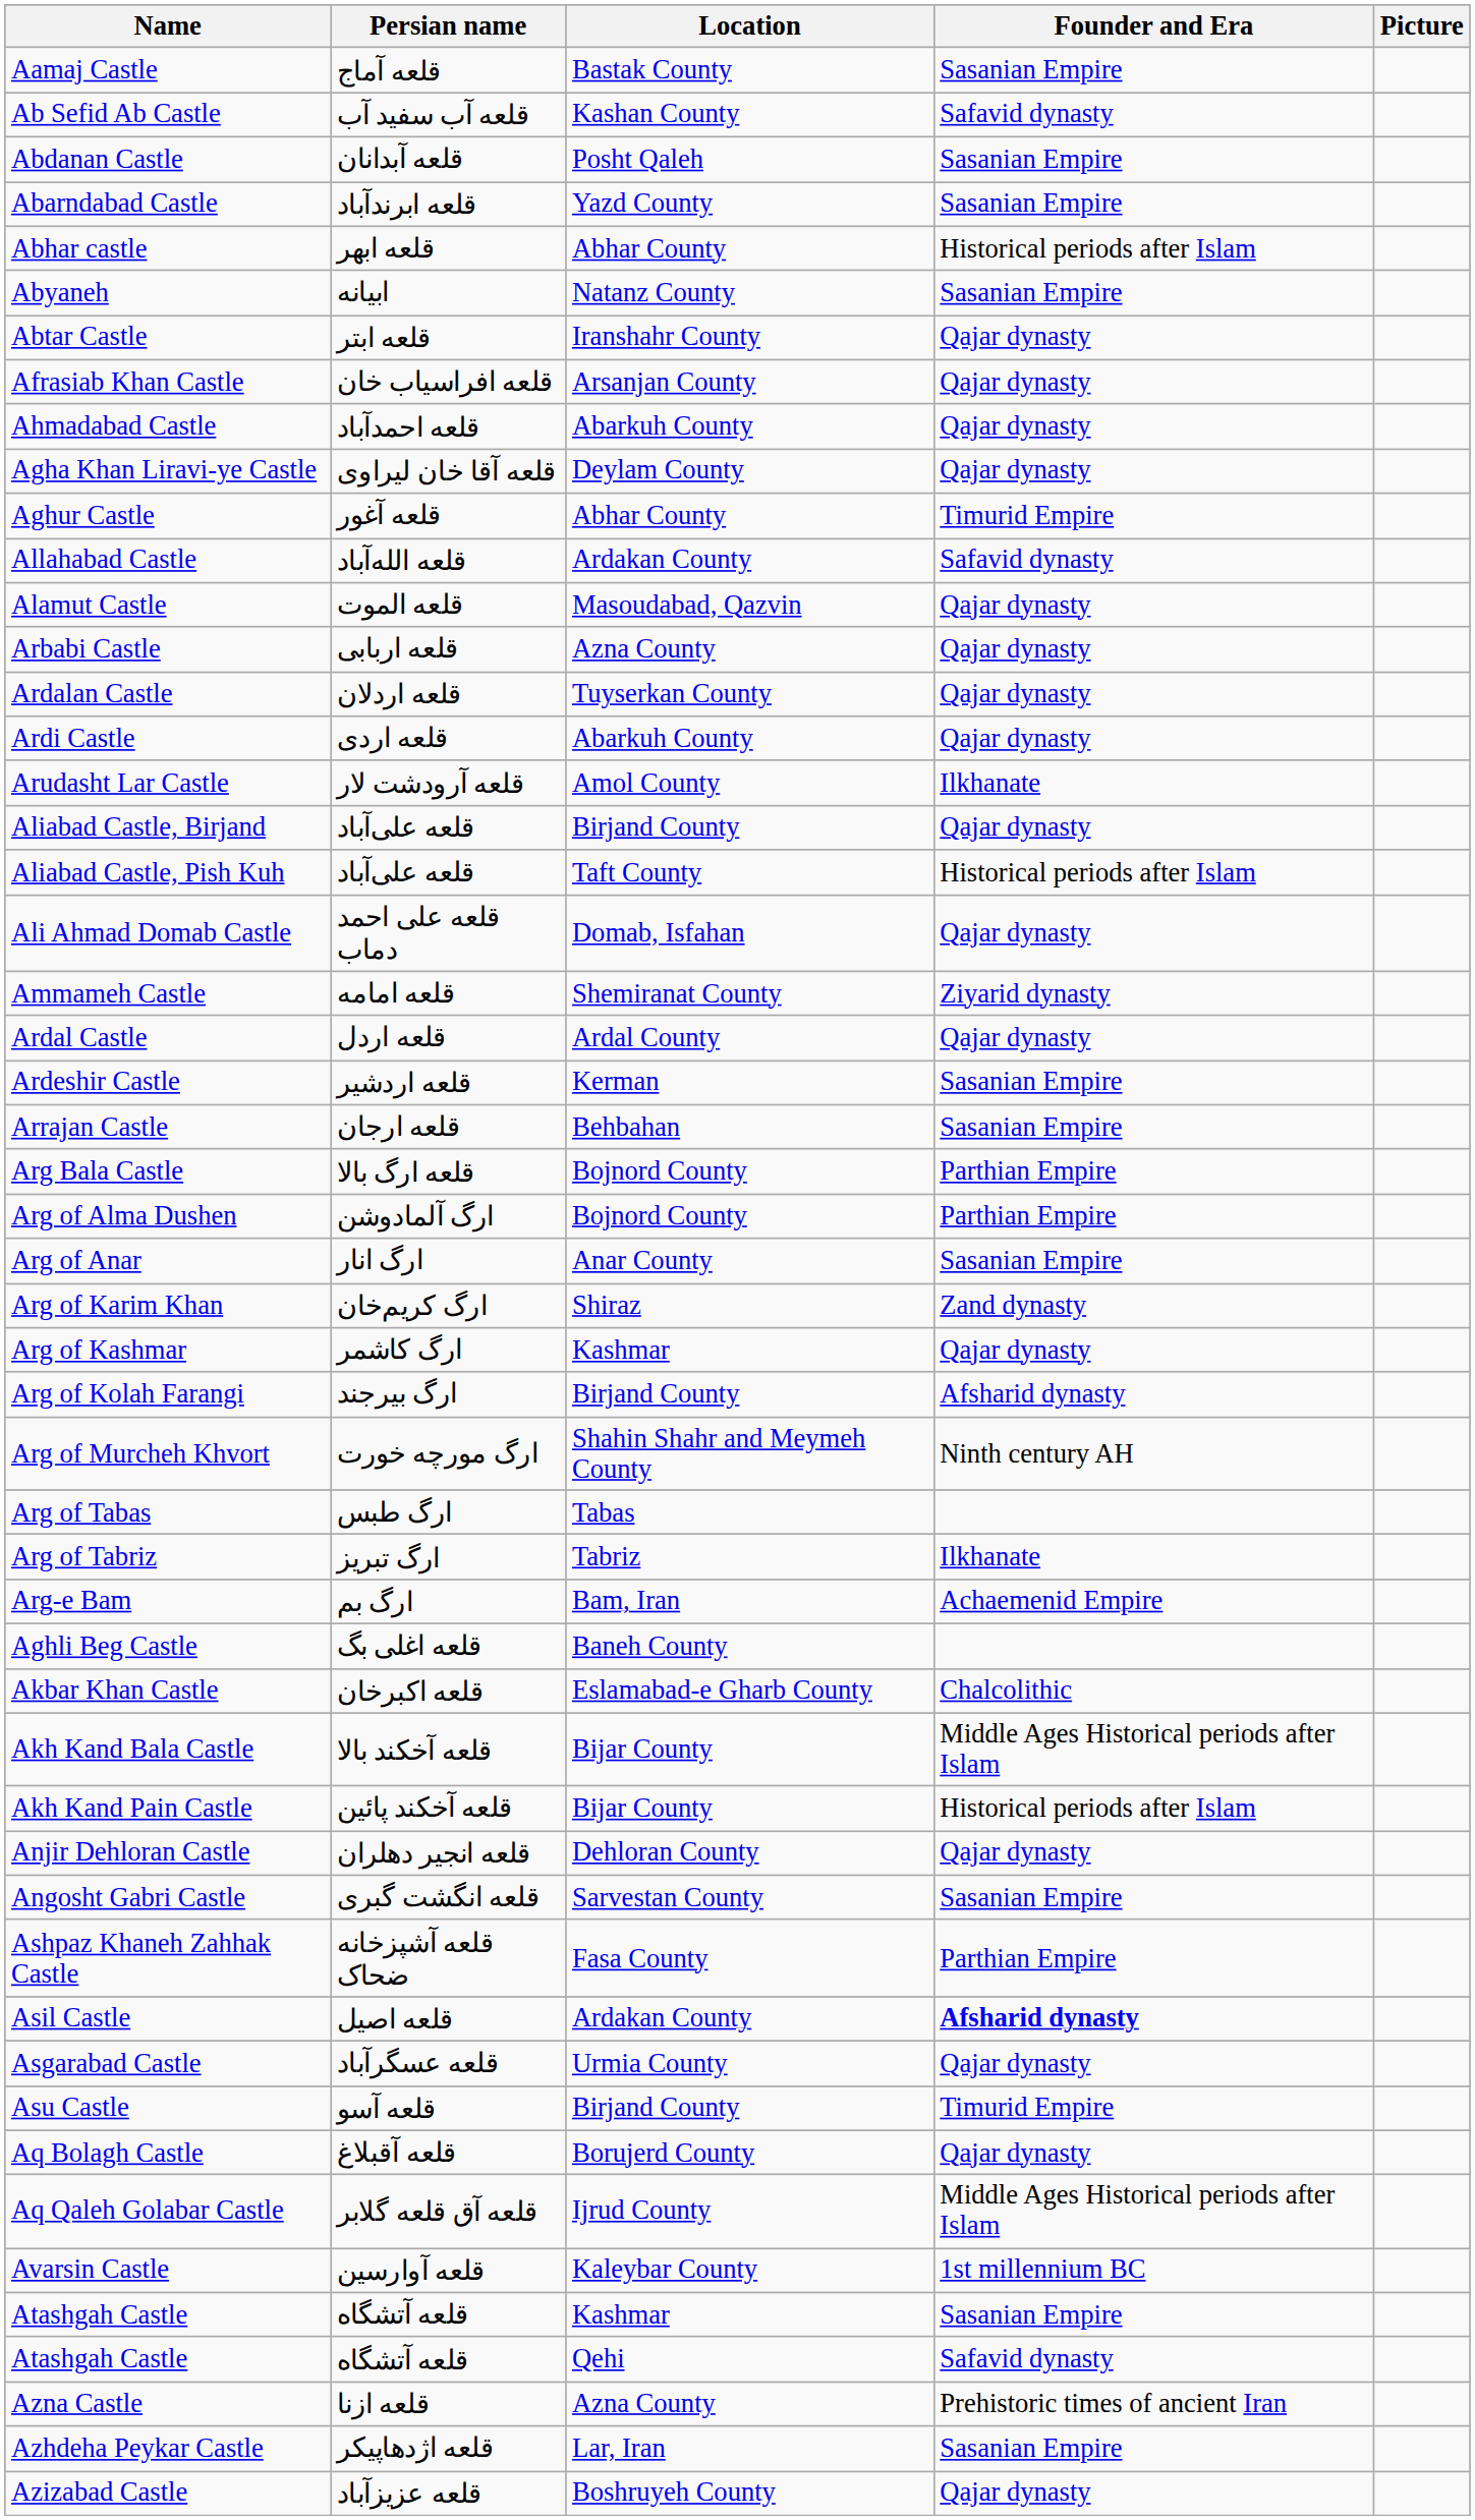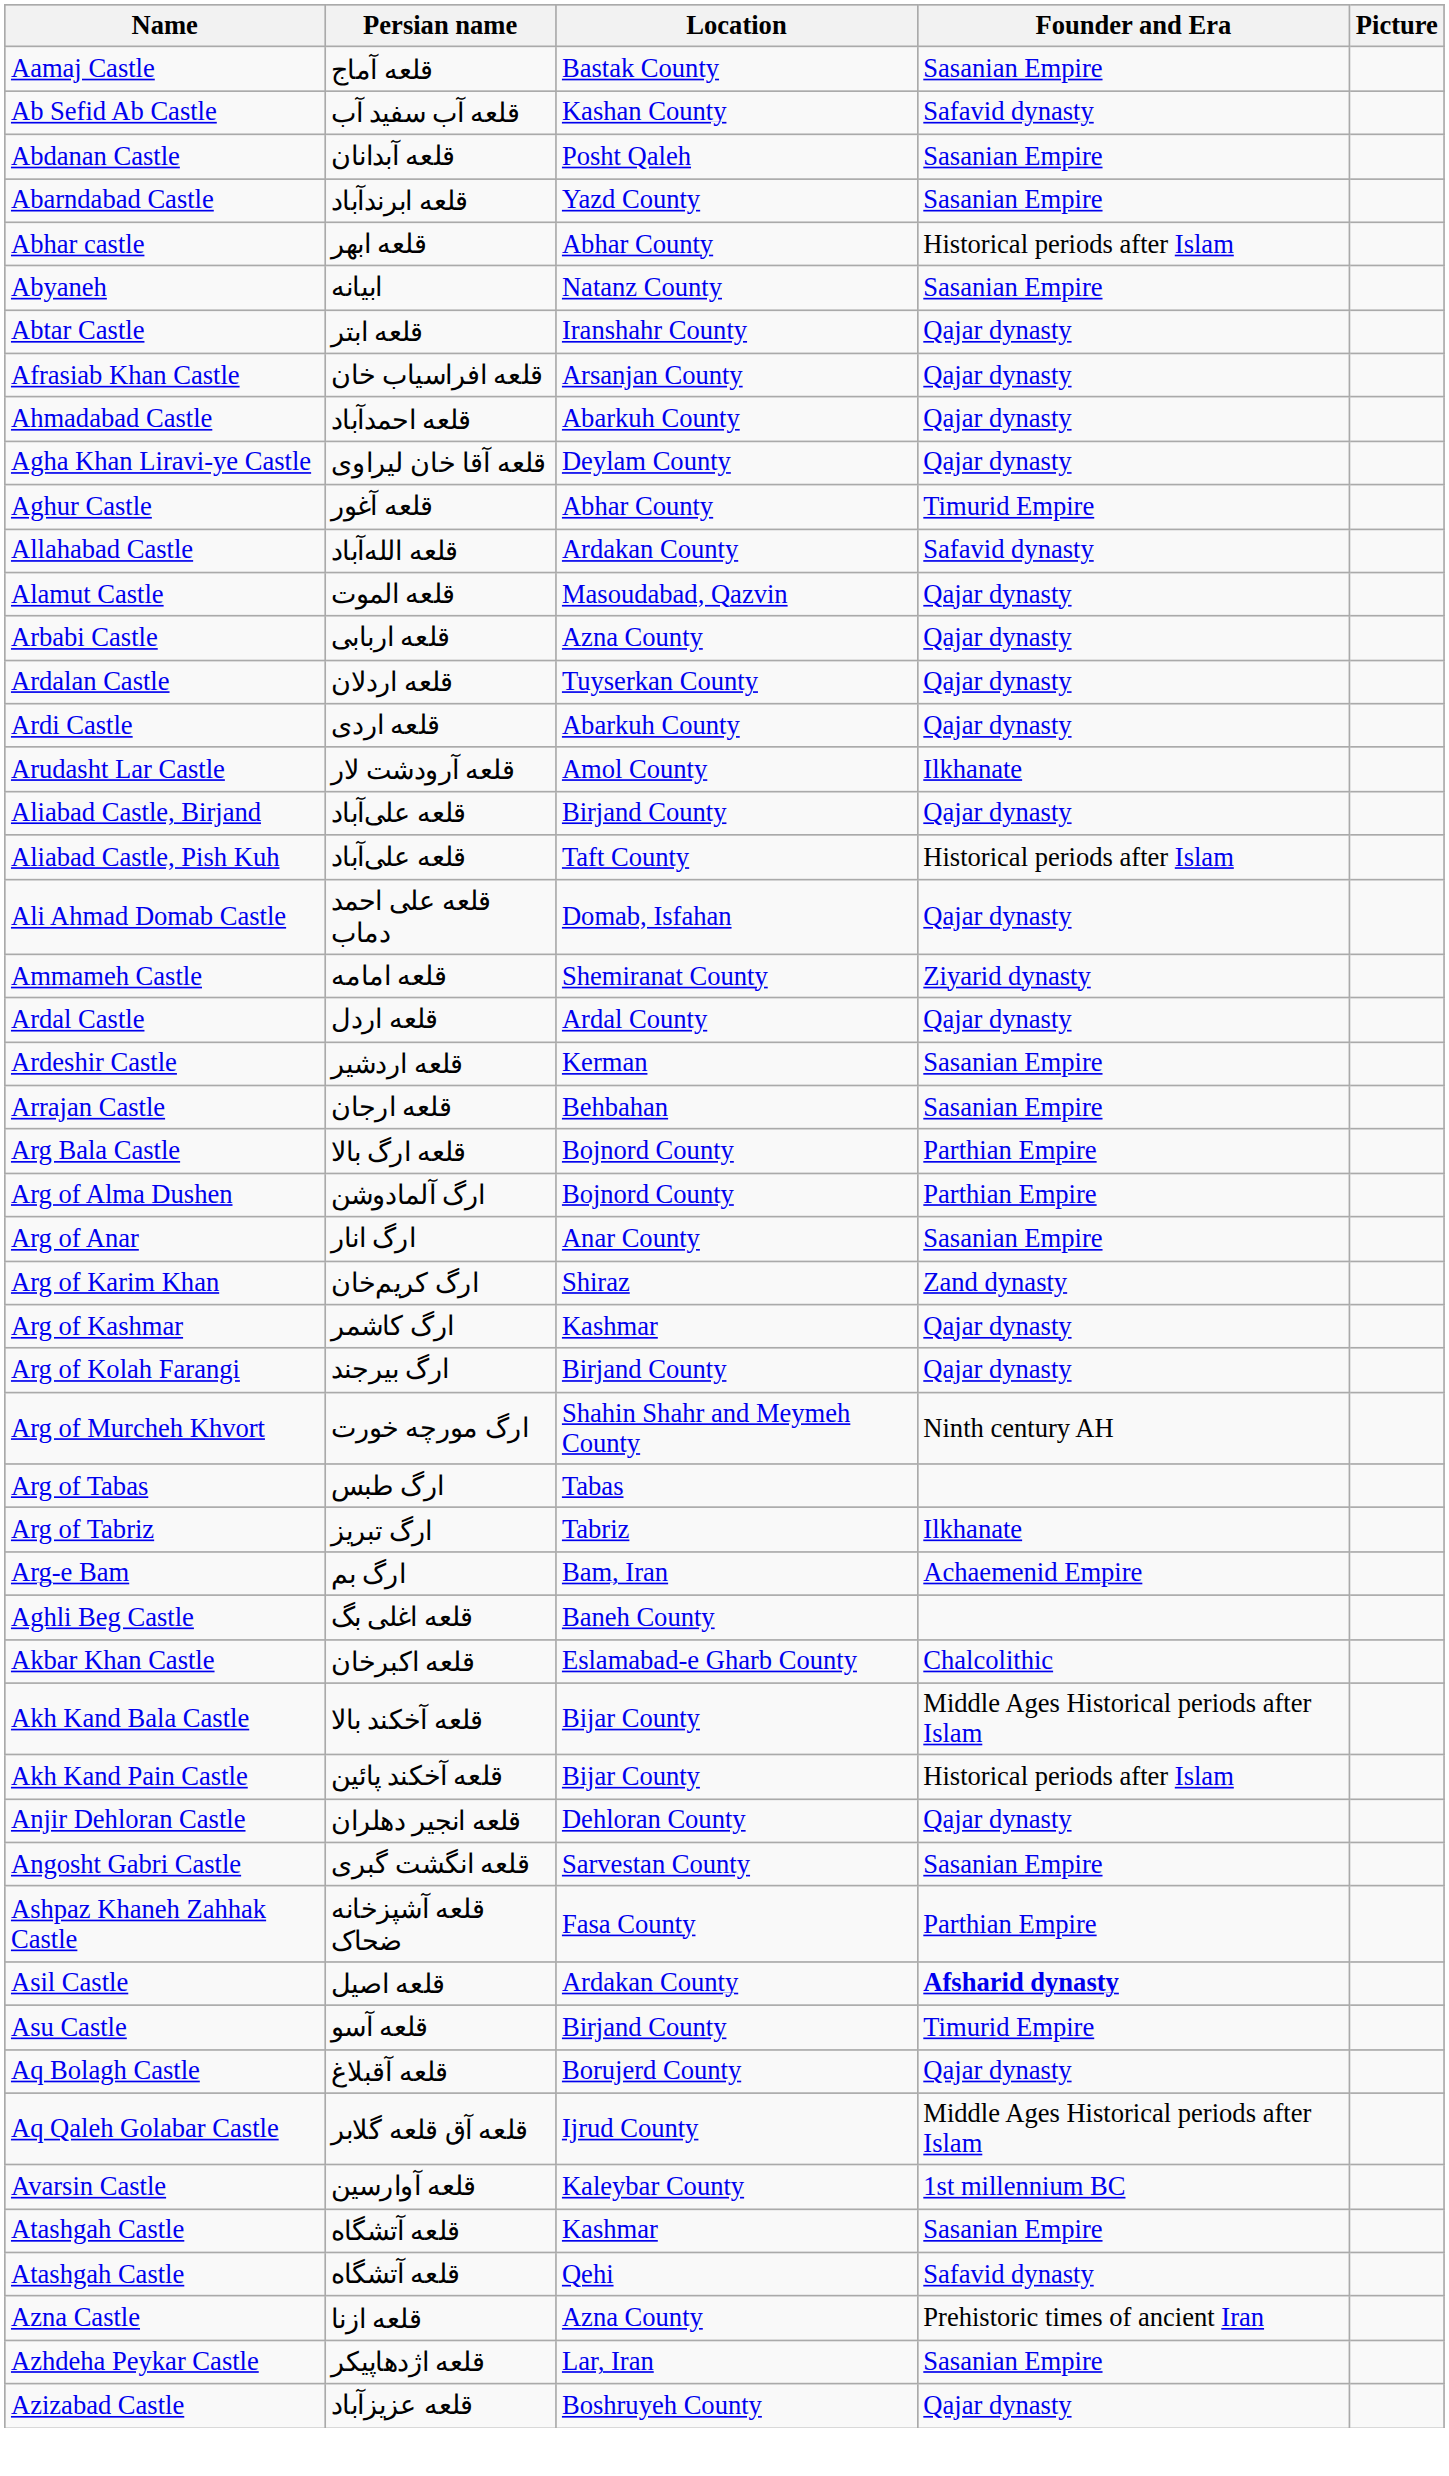 <table class="wikitable">
 <tr>
 <th>Name</th>
 <th>Persian name</th>
 <th>Location</th>
 <th>Founder and Era</th>
 <th>Picture</th>
 </tr>
 <tr>
 <td><a href='#'>Aamaj Castle</a></td>
 <td>قلعه آماج</td>
 <td><a href='#'>Bastak County</a></td>
 <td><a href='#'>Sasanian Empire</a></td>
 <td></td>
 </tr>
 <tr>
 <td><a href='#'>Ab Sefid Ab Castle</a></td>
 <td>قلعه آب سفید آب</td>
 <td><a href='#'>Kashan County</a></td>
 <td><a href='#'>Safavid dynasty</a></td>
 <td></td>
 </tr>
 <tr>
 <td><a href='#'>Abdanan Castle</a></td>
 <td>قلعه آبدانان</td>
 <td><a href='#'>Posht Qaleh</a></td>
 <td><a href='#'>Sasanian Empire</a></td>
 <td align="center"></td>
 </tr>
 <tr>
 <td><a href='#'>Abarndabad Castle</a></td>
 <td>قلعه ابرندآباد</td>
 <td><a href='#'>Yazd County</a></td>
 <td><a href='#'>Sasanian Empire</a></td>
 <td></td>
 </tr>
 <tr>
 <td><a href='#'>Abhar castle</a></td>
 <td>قلعه ابهر</td>
 <td><a href='#'>Abhar County</a></td>
 <td>Historical periods after <a href='#'>Islam</a></td>
 <td></td>
 </tr>
 <tr>
 <td><a href='#'>Abyaneh</a></td>
 <td>ابيانه</td>
 <td><a href='#'>Natanz County</a></td>
 <td><a href='#'>Sasanian Empire</a></td>
 <td align="center"></td>
 </tr>
 <tr>
 <td><a href='#'>Abtar Castle</a></td>
 <td>قلعه ابتر</td>
 <td><a href='#'>Iranshahr County</a></td>
 <td><a href='#'>Qajar dynasty</a></td>
 <td></td>
 </tr>
 <tr>
 <td><a href='#'>Afrasiab Khan Castle</a></td>
 <td>قلعه افراسیاب خان</td>
 <td><a href='#'>Arsanjan County</a></td>
 <td><a href='#'>Qajar dynasty</a></td>
 <td></td>
 </tr>
 <tr>
 <td><a href='#'>Ahmadabad Castle</a></td>
 <td>قلعه احمدآباد</td>
 <td><a href='#'>Abarkuh County</a></td>
 <td><a href='#'>Qajar dynasty</a></td>
 <td></td>
 </tr>
 <tr>
 <td><a href='#'>Agha Khan Liravi-ye Castle</a></td>
 <td>قلعه آقا خان لیراوی</td>
 <td><a href='#'>Deylam County</a></td>
 <td><a href='#'>Qajar dynasty</a></td>
 <td align="center"></td>
 </tr>
 <tr>
 <td><a href='#'>Aghur Castle</a></td>
 <td>قلعه آغور</td>
 <td><a href='#'>Abhar County</a></td>
 <td><a href='#'>Timurid Empire</a></td>
 <td></td>
 </tr>
 <tr>
 <td><a href='#'>Allahabad Castle</a></td>
 <td>قلعه الله‌آباد</td>
 <td><a href='#'>Ardakan County</a></td>
 <td><a href='#'>Safavid dynasty</a></td>
 <td></td>
 </tr>
 <tr>
 <td><a href='#'>Alamut Castle</a></td>
 <td>قلعه الموت</td>
 <td><a href='#'>Masoudabad, Qazvin</a></td>
 <td><a href='#'>Qajar dynasty</a></td>
 <td align="center"></td>
 </tr>
 <tr>
 <td><a href='#'>Arbabi Castle</a></td>
 <td>قلعه اربابی</td>
 <td><a href='#'>Azna County</a></td>
 <td><a href='#'>Qajar dynasty</a></td>
 <td></td>
 </tr>
 <tr>
 <td><a href='#'>Ardalan Castle</a></td>
 <td>قلعه اردلان</td>
 <td><a href='#'>Tuyserkan County</a></td>
 <td><a href='#'>Qajar dynasty</a></td>
 <td align="center"></td>
 </tr>
 <tr>
 <td><a href='#'>Ardi Castle</a></td>
 <td>قلعه اردی</td>
 <td><a href='#'>Abarkuh County</a></td>
 <td><a href='#'>Qajar dynasty</a></td>
 <td></td>
 </tr>
 <tr>
 <td><a href='#'>Arudasht Lar Castle</a></td>
 <td>قلعه آرودشت لار</td>
 <td><a href='#'>Amol County</a></td>
 <td><a href='#'>Ilkhanate</a></td>
 <td></td>
 </tr>
 <tr>
 <td><a href='#'>Aliabad Castle, Birjand</a></td>
 <td>قلعه علی‌آباد</td>
 <td><a href='#'>Birjand County</a></td>
 <td><a href='#'>Qajar dynasty</a></td>
 <td></td>
 </tr>
 <tr>
 <td><a href='#'>Aliabad Castle, Pish Kuh</a></td>
 <td>قلعه علی‌آباد</td>
 <td><a href='#'>Taft County</a></td>
 <td>Historical periods after <a href='#'>Islam</a></td>
 <td></td>
 </tr>
 <tr>
 <td><a href='#'>Ali Ahmad Domab Castle</a></td>
 <td>قلعه علی احمد دماب</td>
 <td><a href='#'>Domab, Isfahan</a></td>
 <td><a href='#'>Qajar dynasty</a></td>
 <td align="center"></td>
 </tr>
 <tr>
 <td><a href='#'>Ammameh Castle</a></td>
 <td>قلعه امامه</td>
 <td><a href='#'>Shemiranat County</a></td>
 <td><a href='#'>Ziyarid dynasty</a></td>
 <td></td>
 </tr>
 <tr>
 <td><a href='#'>Ardal Castle</a></td>
 <td>قلعه اردل</td>
 <td><a href='#'>Ardal County</a></td>
 <td><a href='#'>Qajar dynasty</a></td>
 <td></td>
 </tr>
 <tr>
 <td><a href='#'>Ardeshir Castle</a></td>
 <td>قلعه اردشیر</td>
 <td><a href='#'>Kerman</a></td>
 <td><a href='#'>Sasanian Empire</a></td>
 <td align="center"></td>
 </tr>
 <tr>
 <td><a href='#'>Arrajan Castle</a></td>
 <td>قلعه ارجان</td>
 <td><a href='#'>Behbahan</a></td>
 <td><a href='#'>Sasanian Empire</a></td>
 <td></td>
 </tr>
 <tr>
 <td><a href='#'>Arg Bala Castle</a></td>
 <td>قلعه ارگ بالا</td>
 <td><a href='#'>Bojnord County</a></td>
 <td><a href='#'>Parthian Empire</a></td>
 <td></td>
 </tr>
 <tr>
 <td><a href='#'>Arg of Alma Dushen</a></td>
 <td>ارگ آلمادوشن</td>
 <td><a href='#'>Bojnord County</a></td>
 <td><a href='#'>Parthian Empire</a></td>
 <td align="center"></td>
 </tr>
 <tr>
 <td><a href='#'>Arg of Anar</a></td>
 <td>ارگ انار</td>
 <td><a href='#'>Anar County</a></td>
 <td><a href='#'>Sasanian Empire</a></td>
 <td align="center"></td>
 </tr>
 <tr>
 <td><a href='#'>Arg of Karim Khan</a></td>
 <td>ارگ کریم‌خان</td>
 <td><a href='#'>Shiraz</a></td>
 <td><a href='#'>Zand dynasty</a></td>
 <td align="center"></td>
 </tr>
 <tr>
 <td><a href='#'>Arg of Kashmar</a></td>
 <td>ارگ کاشمر‎</td>
 <td><a href='#'>Kashmar</a></td>
 <td><a href='#'>Qajar dynasty</a></td>
 <td align="center"></td>
 </tr>
 <tr>
 <td><a href='#'>Arg of Kolah Farangi</a></td>
 <td>ارگ بیرجند</td>
 <td><a href='#'>Birjand County</a></td>
-<td><a href='#'>Afsharid dynasty</a></td>
+<td><a href='#'>Qajar dynasty</a></td>
 <td align="center"></td>
 </tr>
 <tr>
 <td><a href='#'>Arg of Murcheh Khvort</a></td>
 <td>ارگ مورچه خورت</td>
 <td><a href='#'>Shahin Shahr and Meymeh County</a></td>
 <td>Ninth century AH</td>
 <td align="center"></td>
 </tr>
 <tr>
 <td><a href='#'>Arg of Tabas</a></td>
 <td>ارگ طبس</td>
 <td><a href='#'>Tabas</a></td>
 <td></td>
 <td align="center"></td>
 </tr>
 <tr>
 <td><a href='#'>Arg of Tabriz</a></td>
 <td>ارگ تبریز</td>
 <td><a href='#'>Tabriz</a></td>
 <td><a href='#'>Ilkhanate</a></td>
 <td align="center"></td>
 </tr>
 <tr>
 <td><a href='#'>Arg-e Bam</a></td>
 <td>ارگ بم</td>
 <td><a href='#'>Bam, Iran</a></td>
 <td><a href='#'>Achaemenid Empire</a></td>
 <td align="center"></td>
 </tr>
 <tr>
 <td><a href='#'>Aghli Beg Castle</a></td>
 <td>قلعه اغلی بگ</td>
 <td><a href='#'>Baneh County</a></td>
 <td></td>
 <td></td>
 </tr>
 <tr>
 <td><a href='#'>Akbar Khan Castle</a></td>
 <td>قلعه اکبرخان</td>
 <td><a href='#'>Eslamabad-e Gharb County</a></td>
 <td><a href='#'>Chalcolithic</a></td>
 <td></td>
 </tr>
 <tr>
 <td><a href='#'>Akh Kand Bala Castle</a></td>
 <td>قلعه آخکند بالا</td>
 <td><a href='#'>Bijar County</a></td>
 <td>Middle Ages Historical periods after <a href='#'>Islam</a></td>
 <td></td>
 </tr>
 <tr>
 <td><a href='#'>Akh Kand Pain Castle</a></td>
 <td>قلعه آخکند پائین</td>
 <td><a href='#'>Bijar County</a></td>
 <td>Historical periods after <a href='#'>Islam</a></td>
 <td></td>
 </tr>
 <tr>
 <td><a href='#'>Anjir Dehloran Castle</a></td>
 <td>قلعه انجیر دهلران</td>
 <td><a href='#'>Dehloran County</a></td>
 <td><a href='#'>Qajar dynasty</a></td>
 <td></td>
 </tr>
 <tr>
 <td><a href='#'>Angosht Gabri Castle</a></td>
 <td>قلعه انگشت گبری</td>
 <td><a href='#'>Sarvestan County</a></td>
 <td><a href='#'>Sasanian Empire</a></td>
 <td></td>
 </tr>
 <tr>
 <td><a href='#'>Ashpaz Khaneh Zahhak Castle</a></td>
 <td>قلعه آشپزخانه ضحاک</td>
 <td><a href='#'>Fasa County</a></td>
 <td><a href='#'>Parthian Empire</a></td>
 <td align="center"></td>
 </tr>
 <tr>
 <td><a href='#'>Asil Castle</a></td>
 <td>قلعه اصیل</td>
 <td><a href='#'>Ardakan County</a></td>
 <td><strong><a href='#'>Afsharid dynasty</a></strong></td>
 <td></td>
 </tr>
 <tr>
-<td><a href='#'>Asgarabad Castle</a></td>
-<td>قلعه عسگرآباد</td>
-<td><a href='#'>Urmia County</a></td>
-<td><a href='#'>Qajar dynasty</a></td>
-<td></td>
-</tr>
-<tr>
 <td><a href='#'>Asu Castle</a></td>
 <td>قلعه آسو</td>
 <td><a href='#'>Birjand County</a></td>
 <td><a href='#'>Timurid Empire</a></td>
 <td></td>
 </tr>
 <tr>
 <td><a href='#'>Aq Bolagh Castle</a></td>
 <td>قلعه آقبلاغ</td>
 <td><a href='#'>Borujerd County</a></td>
 <td><a href='#'>Qajar dynasty</a></td>
 <td></td>
 </tr>
 <tr>
 <td><a href='#'>Aq Qaleh Golabar Castle</a></td>
 <td>قلعه آق قلعه گلابر</td>
 <td><a href='#'>Ijrud County</a></td>
 <td>Middle Ages Historical periods after <a href='#'>Islam</a></td>
 <td></td>
 </tr>
 <tr>
 <td><a href='#'>Avarsin Castle</a></td>
 <td>قلعه آوارسین</td>
 <td><a href='#'>Kaleybar County</a></td>
 <td><a href='#'>1st millennium BC</a></td>
 <td></td>
 </tr>
 <tr>
 <td><a href='#'>Atashgah Castle</a></td>
 <td>قلعه آتشگاه</td>
 <td><a href='#'>Kashmar</a></td>
 <td><a href='#'>Sasanian Empire</a></td>
 <td align="center"></td>
 </tr>
 <tr>
 <td><a href='#'>Atashgah Castle</a></td>
 <td>قلعه آتشگاه</td>
 <td><a href='#'>Qehi</a></td>
 <td><a href='#'>Safavid dynasty</a></td>
 <td align="center"></td>
 </tr>
 <tr>
 <td><a href='#'>Azna Castle</a></td>
 <td>قلعه ازنا</td>
 <td><a href='#'>Azna County</a></td>
 <td>Prehistoric times of ancient <a href='#'>Iran</a></td>
 <td></td>
 </tr>
 <tr>
 <td><a href='#'>Azhdeha Peykar Castle</a></td>
 <td>قلعه اژدهاپیکر</td>
 <td><a href='#'>Lar, Iran</a></td>
 <td><a href='#'>Sasanian Empire</a></td>
 <td align="center"></td>
 </tr>
 <tr>
 <td><a href='#'>Azizabad Castle</a></td>
 <td>قلعه عزیزآباد</td>
 <td><a href='#'>Boshruyeh County</a></td>
 <td><a href='#'>Qajar dynasty</a></td>
 <td></td>
 </tr>
 </table>
